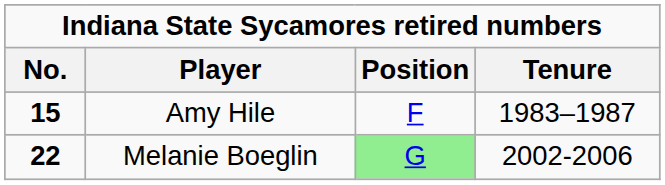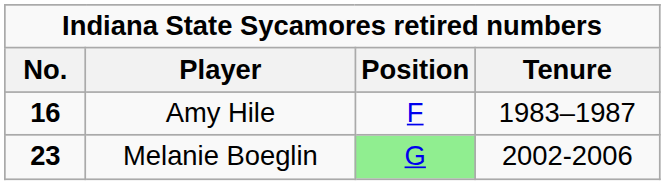 <table class="wikitable sortable" style="text-align:center">
 <tr>
 <td colspan="5"><strong>Indiana State Sycamores retired numbers</strong></td>
 </tr>
 <tr>
 <th width=40px>No.</th>
 <th width=150px>Player</th>
 <th width=40px>Position</th>
 <th width=100px>Tenure</th>
 </tr>
 <tr>
-<td><strong>15</strong></td>
+<td><strong>16</strong></td>
 <td>Amy Hile</td>
 <td><a href='#'>F</a></td>
 <td>1983–1987</td>
 </tr>
 <tr>
-<td><strong>22</strong></td>
+<td><strong>23</strong></td>
 <td>Melanie Boeglin</td>
 <td style="background: lightgreen;"><a href='#'>G</a></td>
 <td>2002-2006</td>
 </tr>
 </table>
